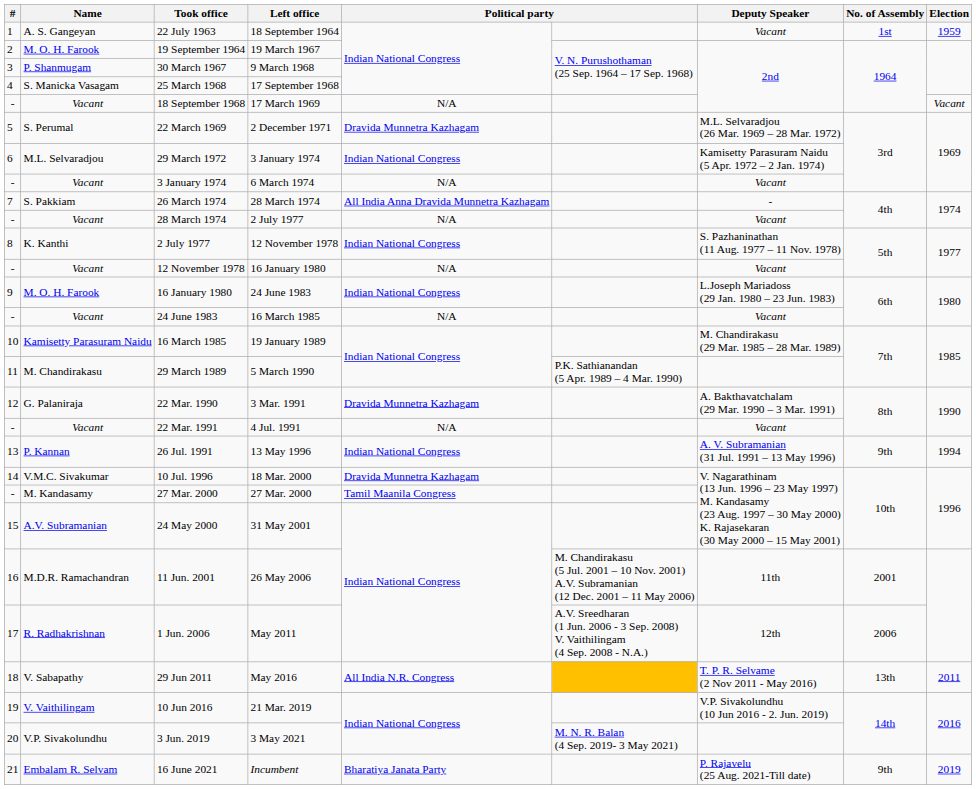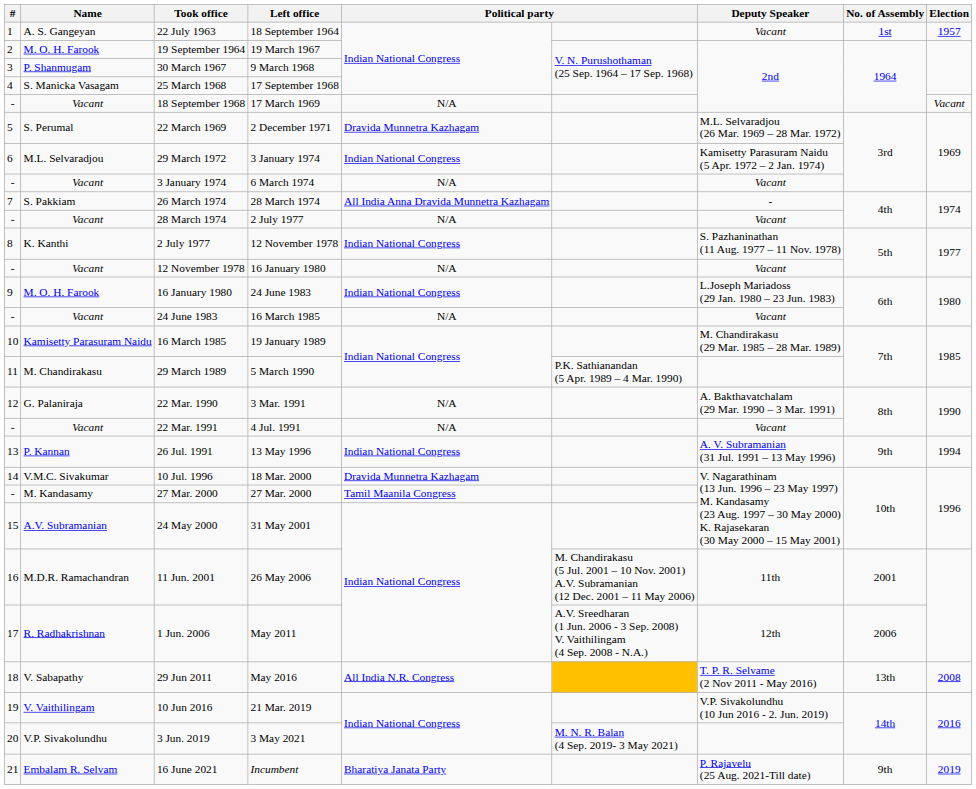 <table class="wikitable">
 <tr>
 <th>#</th>
 <th>Name</th>
 <th>Took office</th>
 <th>Left office</th>
 <th colspan=2>Political party</th>
 <th>Deputy Speaker</th>
 <th>No. of Assembly</th>
 <th>Election</th>
 </tr>
 <tr>
 <td>1</td>
 <td>A. S. Gangeyan</td>
 <td>22 July 1963</td>
 <td>18 September 1964</td>
 <td rowspan=4><a href='#'>Indian National Congress</a></td>
 <td style="background-color: "></td>
 <td align="center"><em>Vacant</em></td>
 <td align="center" rowspan=1><a href='#'>1st</a></td>
-<td align="center"><a href='#'>1959</a></td>
+<td align="center"><a href='#'>1957</a></td>
 </tr>
 <tr>
 <td>2</td>
 <td><a href='#'>M. O. H. Farook</a></td>
 <td>19 September 1964</td>
 <td>19 March 1967</td>
 <td rowspan=3><a href='#'>V. N. Purushothaman</a><br>(25 Sep. 1964 – 17 Sep. 1968)</td>
 <td align="center" rowspan=4><a href='#'>2nd</a></td>
 <td align="center" rowspan=4><a href='#'>1964</a></td>
 </tr>
 <tr>
 <td>3</td>
 <td><a href='#'>P. Shanmugam</a></td>
 <td>30 March 1967</td>
 <td>9 March 1968</td>
 </tr>
 <tr>
 <td>4</td>
 <td>S. Manicka Vasagam</td>
 <td>25 March 1968</td>
 <td>17 September 1968</td>
 </tr>
 <tr>
 <td align="center">-</td>
 <td align="center"><em>Vacant</em><br></td>
 <td>18 September 1968</td>
 <td>17 March 1969</td>
 <td align="center">N/A</td>
 <td></td>
 <td align="center"><em>Vacant</em></td>
 </tr>
 <tr>
 <td>5</td>
 <td>S. Perumal</td>
 <td>22 March 1969</td>
 <td>2 December 1971</td>
 <td rowspan=1><a href='#'>Dravida Munnetra Kazhagam</a></td>
 <td style="background-color: "></td>
 <td>M.L. Selvaradjou<br> (26 Mar. 1969 – 28 Mar. 1972)</td>
 <td align="center" rowspan=3>3rd</td>
 <td align="center" rowspan=3>1969</td>
 </tr>
 <tr>
 <td>6</td>
 <td>M.L. Selvaradjou</td>
 <td>29 March 1972</td>
 <td>3 January 1974</td>
 <td rowspan=1><a href='#'>Indian National Congress</a></td>
 <td style="background-color: "></td>
 <td>Kamisetty Parasuram Naidu<br>(5 Apr. 1972 – 2 Jan. 1974)</td>
 </tr>
 <tr>
 <td align="center">-</td>
 <td align="center"><em>Vacant</em><br></td>
 <td>3 January 1974</td>
 <td>6 March 1974</td>
 <td align="center">N/A</td>
 <td></td>
 <td align="center"><em>Vacant</em></td>
 </tr>
 <tr>
 <td>7</td>
 <td>S. Pakkiam</td>
 <td>26 March 1974</td>
 <td>28 March 1974</td>
 <td rowspan=1><a href='#'>All India Anna Dravida Munnetra Kazhagam</a></td>
 <td style="background-color: "></td>
 <td align="center">-</td>
 <td align="center" rowspan=2>4th</td>
 <td align="center" rowspan=2>1974</td>
 </tr>
 <tr>
 <td align="center">-</td>
 <td align="center"><em>Vacant</em><br></td>
 <td>28 March 1974</td>
 <td>2 July 1977</td>
 <td align="center">N/A</td>
 <td></td>
 <td align="center"><em>Vacant</em></td>
 </tr>
 <tr>
 <td>8</td>
 <td>K. Kanthi</td>
 <td>2 July 1977</td>
 <td>12 November 1978</td>
 <td rowspan=1><a href='#'>Indian National Congress</a></td>
 <td style="background-color: "></td>
 <td>S. Pazhaninathan<br>(11 Aug. 1977 – 11 Nov. 1978)</td>
 <td align="center" rowspan=2>5th</td>
 <td align="center" rowspan=2>1977</td>
 </tr>
 <tr>
 <td align="center">-</td>
 <td align="center"><em>Vacant</em><br></td>
 <td>12 November 1978</td>
 <td>16 January 1980</td>
 <td align="center">N/A</td>
 <td></td>
 <td align="center"><em>Vacant</em></td>
 </tr>
 <tr>
 <td>9</td>
 <td><a href='#'>M. O. H. Farook</a></td>
 <td>16 January 1980</td>
 <td>24 June 1983</td>
 <td rowspan=1><a href='#'>Indian National Congress</a></td>
 <td style="background-color: "></td>
 <td>L.Joseph Mariadoss<br>(29 Jan. 1980 – 23 Jun. 1983)</td>
 <td align="center" rowspan=2>6th</td>
 <td align="center" rowspan=2>1980</td>
 </tr>
 <tr>
 <td align="center">-</td>
 <td align="center"><em>Vacant</em><br></td>
 <td>24 June 1983</td>
 <td>16 March 1985</td>
 <td align="center">N/A</td>
 <td></td>
 <td align="center"><em>Vacant</em></td>
 </tr>
 <tr>
 <td>10</td>
 <td><a href='#'>Kamisetty Parasuram Naidu</a></td>
 <td>16 March 1985</td>
 <td>19 January 1989</td>
 <td rowspan=2><a href='#'>Indian National Congress</a></td>
 <td style="background-color: "></td>
 <td>M. Chandirakasu<br>(29 Mar. 1985 – 28 Mar. 1989)</td>
 <td align="center" rowspan=2>7th</td>
 <td align="center" rowspan=2>1985</td>
 </tr>
 <tr>
 <td>11</td>
 <td>M. Chandirakasu</td>
 <td>29 March 1989</td>
 <td>5 March 1990</td>
 <td>P.K. Sathianandan<br>(5 Apr. 1989 – 4 Mar. 1990)</td>
 </tr>
 <tr>
 <td>12</td>
 <td>G. Palaniraja</td>
 <td>22 Mar. 1990</td>
 <td>3 Mar. 1991</td>
-<td rowspan=1><a href='#'>Dravida Munnetra Kazhagam</a></td>
+<td align="center">N/A</td>
 <td style="background-color: "></td>
 <td>A. Bakthavatchalam<br>(29 Mar. 1990 – 3 Mar. 1991)</td>
 <td align="center" rowspan=2>8th</td>
 <td align="center" rowspan=2>1990</td>
 </tr>
 <tr>
 <td align="center">-</td>
 <td align="center"><em>Vacant</em><br></td>
 <td>22 Mar. 1991</td>
 <td>4 Jul. 1991</td>
 <td align="center">N/A</td>
 <td></td>
 <td align="center"><em>Vacant</em></td>
 </tr>
 <tr>
 <td>13</td>
 <td><a href='#'>P. Kannan</a></td>
 <td>26 Jul. 1991</td>
 <td>13 May 1996</td>
 <td rowspan=1><a href='#'>Indian National Congress</a></td>
 <td style="background-color: "></td>
 <td><a href='#'>A. V. Subramanian</a><br>(31 Jul. 1991 – 13 May 1996)</td>
 <td align="center" rowspan=1>9th</td>
 <td align="center" rowspan=1>1994</td>
 </tr>
 <tr>
 <td>14</td>
 <td>V.M.C. Sivakumar</td>
 <td>10 Jul. 1996</td>
 <td>18 Mar. 2000</td>
 <td rowspan=1><a href='#'>Dravida Munnetra Kazhagam</a></td>
 <td style="background-color: "></td>
 <td rowspan=3>V. Nagarathinam<br>(13 Jun. 1996 – 23 May 1997)<br>M. Kandasamy<br>(23 Aug. 1997 – 30 May 2000)<br>K. Rajasekaran<br>(30 May 2000 – 15 May 2001)</td>
 <td align="center" rowspan=3>10th</td>
 <td align="center" rowspan=3>1996</td>
 </tr>
 <tr>
 <td align="center">-</td>
 <td>M. Kandasamy</td>
 <td>27 Mar. 2000</td>
 <td>27 Mar. 2000</td>
 <td><a href='#'>Tamil Maanila Congress</a></td>
 </tr>
 <tr>
 <td>15</td>
 <td><a href='#'>A.V. Subramanian</a></td>
 <td>24 May 2000</td>
 <td>31 May 2001</td>
 <td rowspan=3><a href='#'>Indian National Congress</a></td>
 <td style="background-color: "></td>
 </tr>
 <tr>
 <td>16</td>
 <td>M.D.R. Ramachandran</td>
 <td>11 Jun. 2001</td>
 <td>26 May 2006</td>
 <td>M. Chandirakasu<br>(5 Jul. 2001 – 10 Nov. 2001)<br>A.V. Subramanian<br>(12 Dec. 2001 – 11 May 2006)</td>
 <td align="center" rowspan=1>11th</td>
 <td align="center" rowspan=1>2001</td>
 </tr>
 <tr>
 <td>17</td>
 <td><a href='#'>R. Radhakrishnan</a></td>
 <td>1 Jun. 2006</td>
 <td>May 2011</td>
 <td>A.V. Sreedharan<br>(1 Jun. 2006 - 3 Sep. 2008)<br> V. Vaithilingam<br>(4 Sep. 2008 - N.A.)</td>
 <td align="center" rowspan=1>12th</td>
 <td align="center" rowspan=1>2006</td>
 </tr>
 <tr>
 <td>18</td>
 <td>V. Sabapathy</td>
 <td>29 Jun 2011</td>
 <td>May 2016</td>
 <td rowspan=1><a href='#'>All India N.R. Congress</a></td>
 <td style="background-color: #FFC000" rowspan=1></td>
 <td><a href='#'>T. P. R. Selvame</a><br>(2 Nov 2011 - May 2016)</td>
 <td align="center">13th</td>
-<td align="center"><a href='#'>2011</a></td>
+<td align="center"><a href='#'>2008</a></td>
 </tr>
 <tr>
 <td>19</td>
 <td><a href='#'>V. Vaithilingam</a></td>
 <td>10 Jun 2016</td>
 <td>21 Mar. 2019</td>
 <td rowspan=2><a href='#'>Indian National Congress</a></td>
 <td style="background-color: "></td>
 <td>V.P. Sivakolundhu<br>(10 Jun 2016 - 2. Jun. 2019)</td>
 <td align="center" rowspan=2><a href='#'>14th</a></td>
 <td align="center" rowspan=2><a href='#'>2016</a></td>
 </tr>
 <tr>
 <td>20</td>
 <td>V.P. Sivakolundhu</td>
 <td>3 Jun. 2019</td>
 <td>3 May 2021</td>
 <td><a href='#'>M. N. R. Balan</a><br>(4 Sep. 2019- 3 May 2021)</td>
 </tr>
 <tr>
 <td>21</td>
 <td><a href='#'>Embalam R. Selvam</a></td>
 <td>16 June 2021</td>
 <td><em>Incumbent</em></td>
 <td rowspan=1><a href='#'>Bharatiya Janata Party</a></td>
 <td style="background-color: "></td>
 <td><a href='#'>P. Rajavelu</a><br>(25 Aug. 2021-Till date)</td>
 <td align="center" rowspan=1>9th</td>
 <td align="center" rowspan=1><a href='#'>2019</a></td>
 </tr>
 </table>
